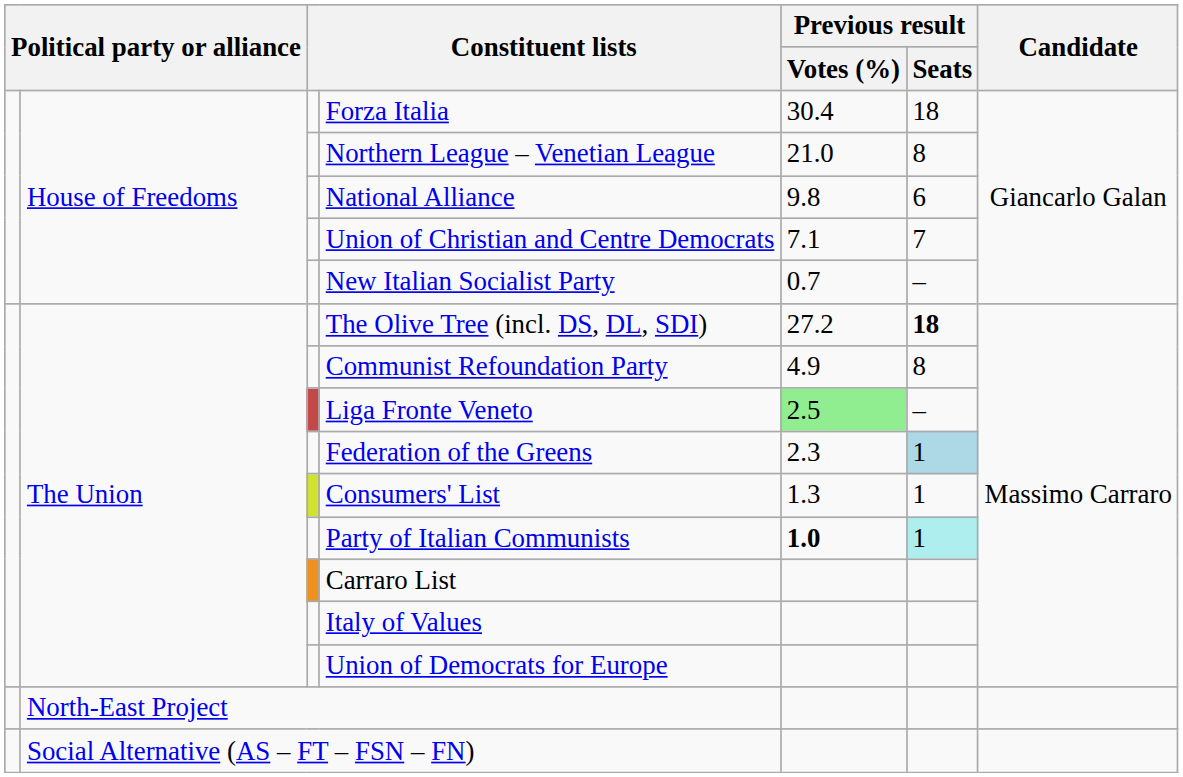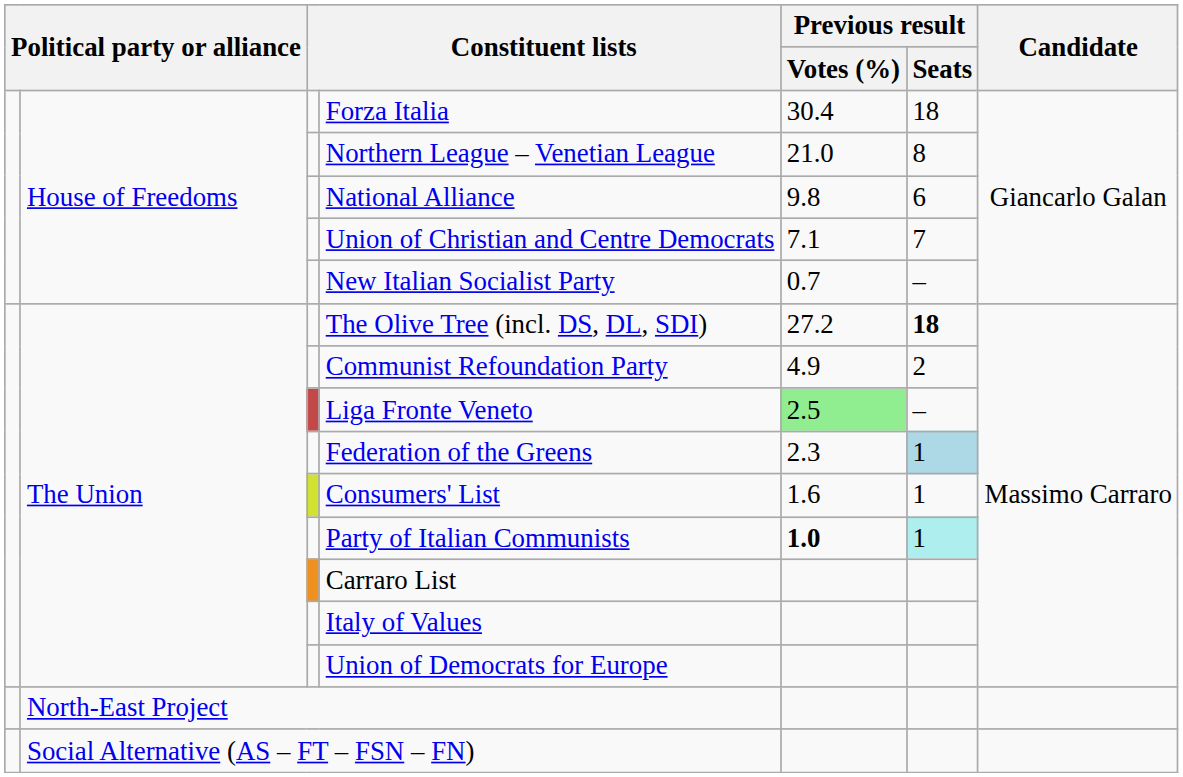 <table class="wikitable" style="text-align:left">
 <tr>
 <th colspan=2 rowspan="2">Political party or alliance</th>
 <th colspan=2 rowspan="2">Constituent lists</th>
 <th colspan="2">Previous result</th>
 <th rowspan="2">Candidate</th>
 </tr>
 <tr>
 <th>Votes (%)</th>
 <th>Seats</th>
 </tr>
 <tr>
 <td rowspan="5" style="background:"></td>
 <td rowspan=5><a href='#'>House of Freedoms</a></td>
 <td></td>
 <td style="text-align:left;"><a href='#'>Forza Italia</a></td>
 <td>30.4</td>
 <td>18</td>
 <td rowspan="5" style="text-align: center;">Giancarlo Galan</td>
 </tr>
 <tr>
 <td></td>
 <td style="text-align:left;"><a href='#'>Northern League</a> – <a href='#'>Venetian League</a></td>
 <td>21.0</td>
 <td>8</td>
 </tr>
 <tr>
 <td></td>
 <td style="text-align:left;"><a href='#'>National Alliance</a></td>
 <td>9.8</td>
 <td>6</td>
 </tr>
 <tr>
 <td></td>
 <td style="text-align:left;"><a href='#'>Union of Christian and Centre Democrats</a></td>
 <td>7.1</td>
 <td>7</td>
 </tr>
 <tr>
 <td></td>
 <td style="text-align:left;"><a href='#'>New Italian Socialist Party</a></td>
 <td>0.7</td>
 <td>–</td>
 </tr>
 <tr>
 <td rowspan="9"></td>
 <td rowspan="9"><a href='#'>The Union</a></td>
 <td></td>
 <td style="text-align:left;"><a href='#'>The Olive Tree</a> (incl. <a href='#'>DS</a>, <a href='#'>DL</a>, <a href='#'>SDI</a>)</td>
 <td>27.2</td>
 <td><strong>18</strong></td>
 <td rowspan="9" style="text-align: center;">Massimo Carraro</td>
 </tr>
 <tr>
 <td></td>
 <td><a href='#'>Communist Refoundation Party</a></td>
 <td>4.9</td>
-<td>8</td>
+<td>2</td>
 </tr>
 <tr>
 <td bgcolor="#C34848"></td>
 <td style="text-align:left;"><a href='#'>Liga Fronte Veneto</a></td>
 <td style="background: lightgreen;">2.5</td>
 <td>–</td>
 </tr>
 <tr>
 <td></td>
 <td><a href='#'>Federation of the Greens</a></td>
 <td>2.3</td>
 <td style="background: lightblue;">1</td>
 </tr>
 <tr>
 <td bgcolor="#D1E231"></td>
 <td style="text-align:left;"><a href='#'>Consumers' List</a></td>
-<td>1.3</td>
+<td>1.6</td>
 <td>1</td>
 </tr>
 <tr>
 <td></td>
 <td style="text-align:left;"><a href='#'>Party of Italian Communists</a></td>
 <td><strong>1.0</strong></td>
 <td style="background: paleturquoise;">1</td>
 </tr>
 <tr>
 <td bgcolor="#EF901F"></td>
 <td>Carraro List</td>
 <td></td>
 <td></td>
 </tr>
 <tr>
 <td></td>
 <td style="text-align:left;"><a href='#'>Italy of Values</a></td>
 <td></td>
 <td></td>
 </tr>
 <tr>
 <td></td>
 <td style="text-align:left;"><a href='#'>Union of Democrats for Europe</a></td>
 <td></td>
 <td></td>
 </tr>
 <tr>
 <td></td>
 <td colspan="3"><a href='#'>North-East Project</a></td>
 <td></td>
 <td></td>
 <td></td>
 </tr>
 <tr>
 <td></td>
 <td colspan="3"><a href='#'>Social Alternative</a> (<a href='#'>AS</a> – <a href='#'>FT</a> – <a href='#'>FSN</a> – <a href='#'>FN</a>)</td>
 <td></td>
 <td></td>
 <td></td>
 </tr>
 </table>
